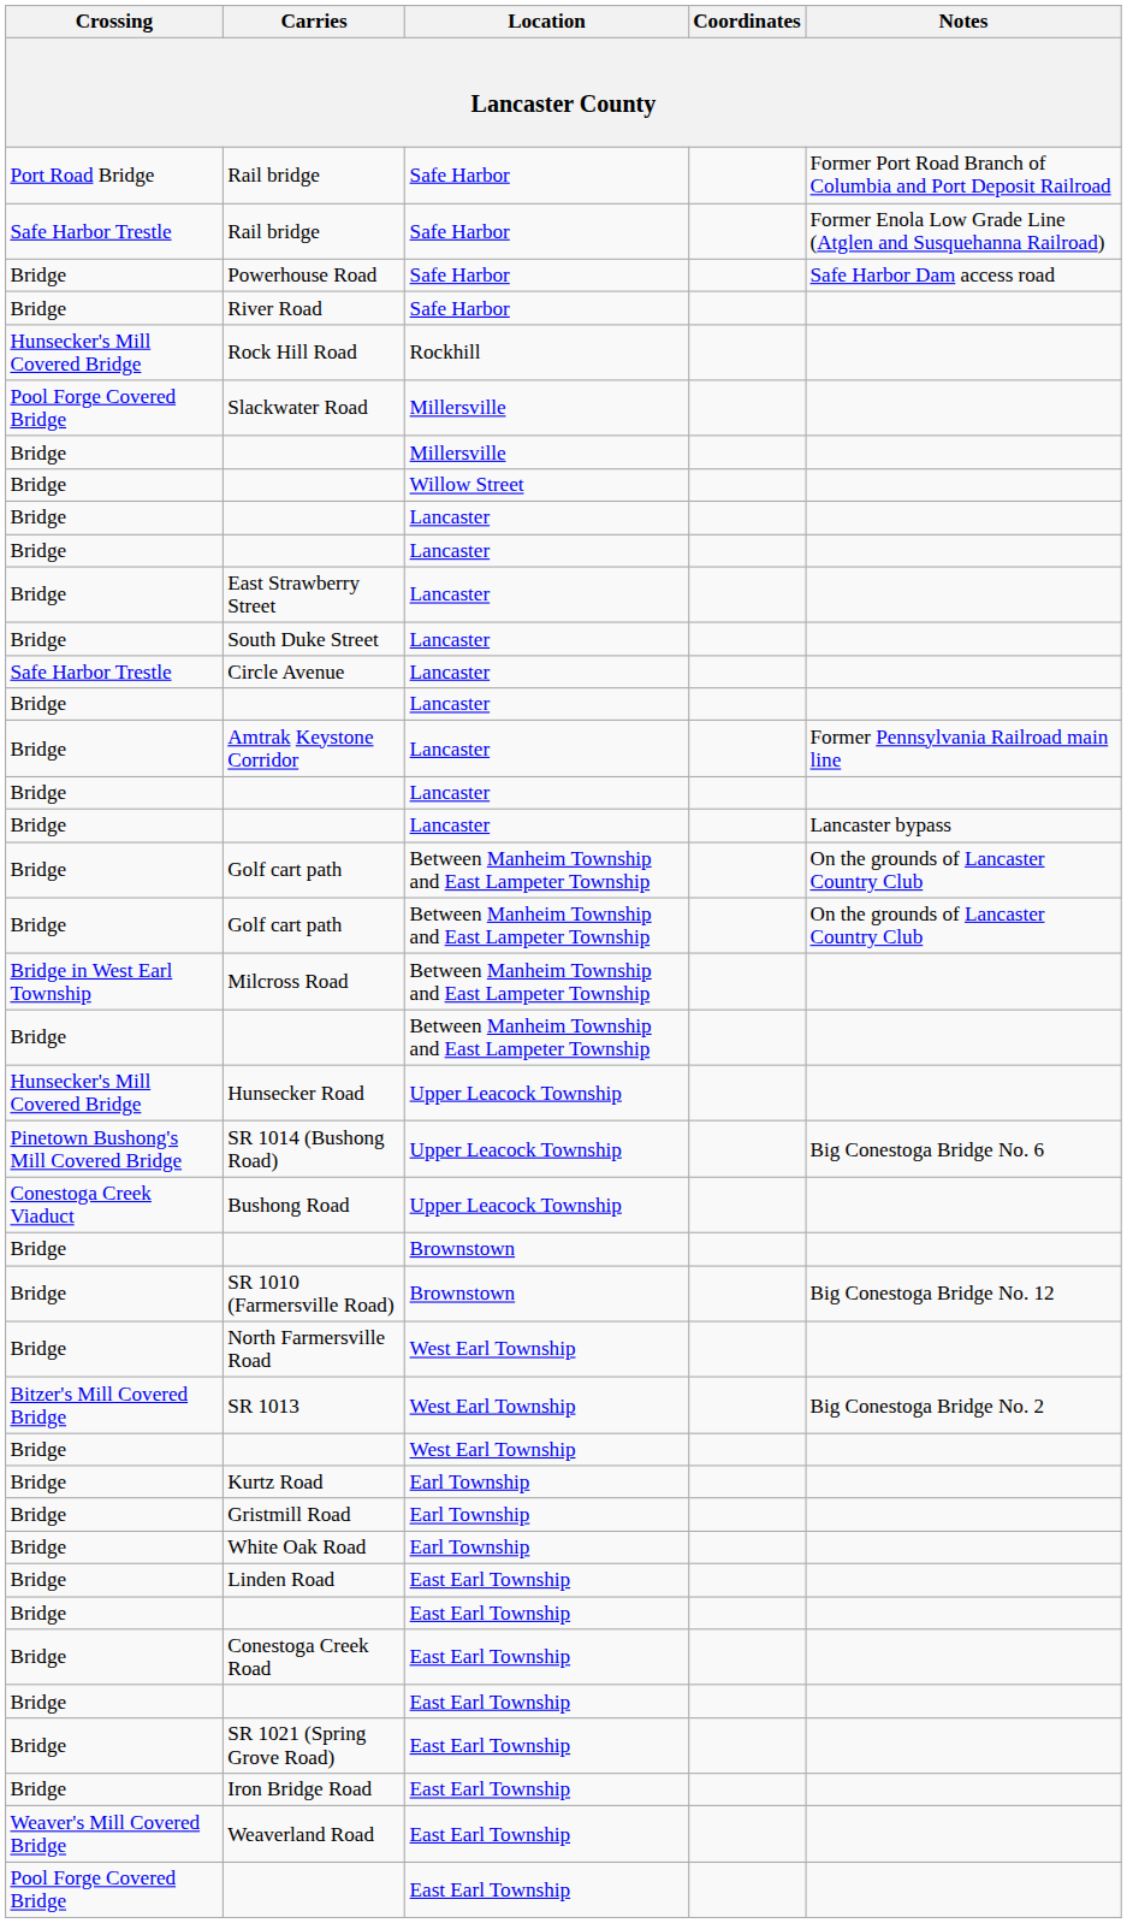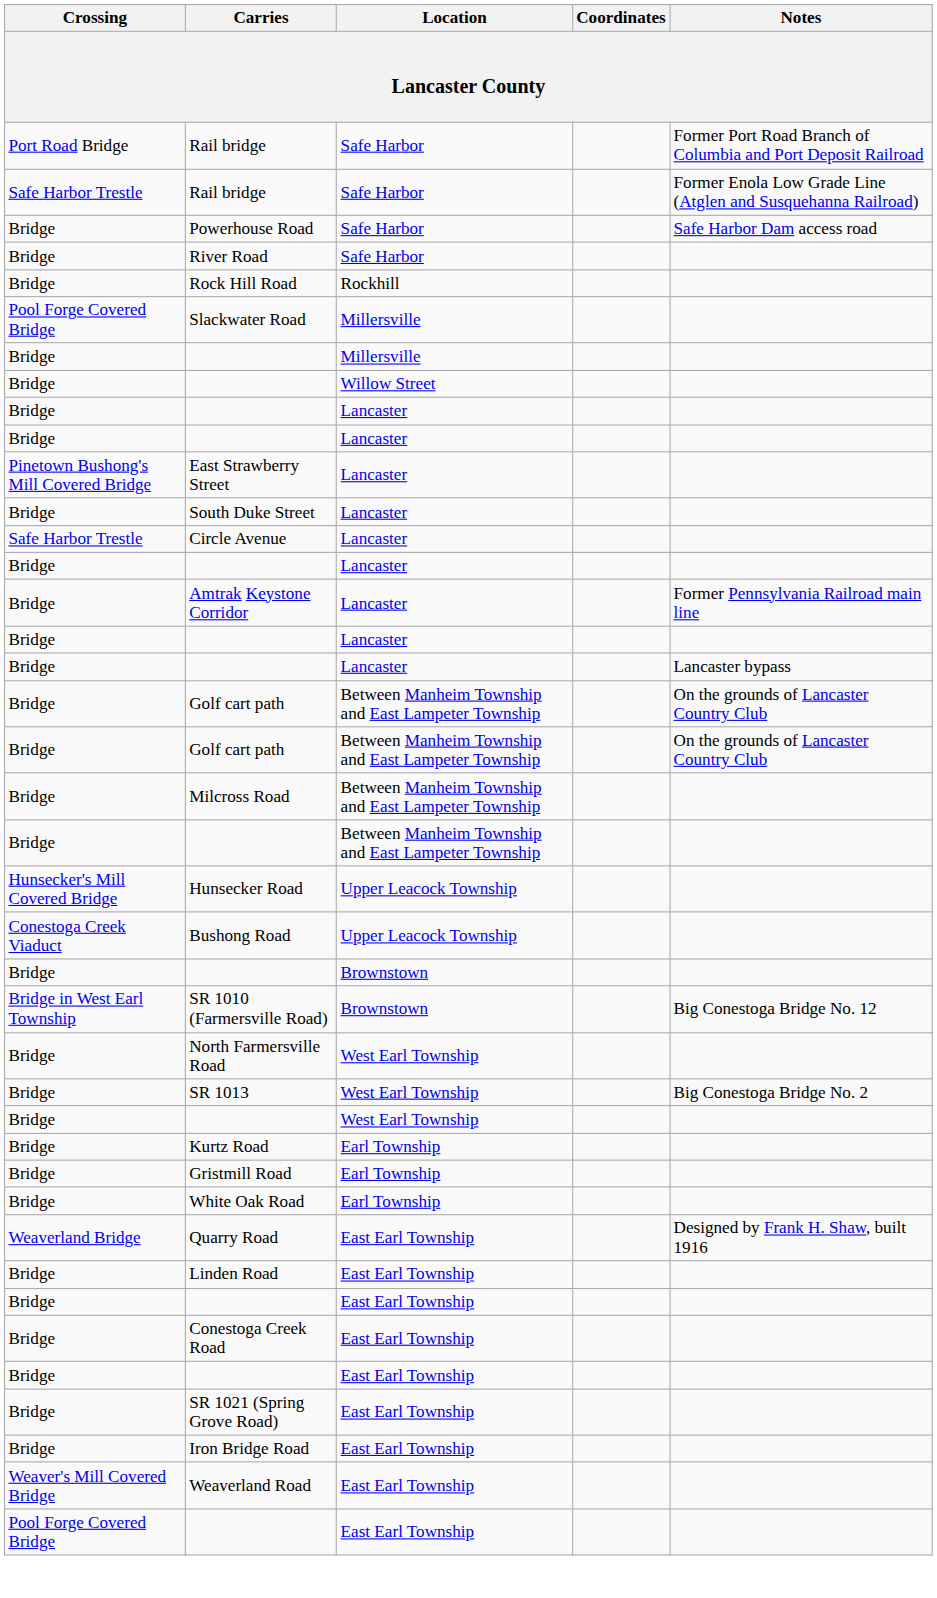 <table class=wikitable>
 <tr>
 <th>Crossing</th>
 <th>Carries</th>
 <th>Location</th>
 <th>Coordinates</th>
 <th>Notes</th>
 </tr>
 <tr>
 <th colspan=5><br><h3>Lancaster County</h3></th>
 </tr>
 <tr>
 <td><a href='#'>Port Road</a> Bridge</td>
 <td>Rail bridge</td>
 <td><a href='#'>Safe Harbor</a></td>
 <td></td>
 <td>Former Port Road Branch of <a href='#'>Columbia and Port Deposit Railroad</a></td>
 </tr>
 <tr>
 <td><a href='#'>Safe Harbor Trestle</a></td>
 <td>Rail bridge</td>
 <td><a href='#'>Safe Harbor</a></td>
 <td></td>
 <td>Former Enola Low Grade Line (<a href='#'>Atglen and Susquehanna Railroad</a>)</td>
 </tr>
 <tr>
 <td>Bridge</td>
 <td>Powerhouse Road</td>
 <td><a href='#'>Safe Harbor</a></td>
 <td></td>
 <td><a href='#'>Safe Harbor Dam</a> access road</td>
 </tr>
 <tr>
 <td>Bridge</td>
 <td>River Road</td>
 <td><a href='#'>Safe Harbor</a></td>
 <td></td>
 <td></td>
 </tr>
 <tr>
-<td><a href='#'>Hunsecker's Mill Covered Bridge</a></td>
+<td>Bridge</td>
 <td>Rock Hill Road</td>
 <td>Rockhill</td>
 <td></td>
 <td></td>
 </tr>
 <tr>
 <td><a href='#'>Pool Forge Covered Bridge</a></td>
 <td>Slackwater Road</td>
 <td><a href='#'>Millersville</a></td>
 <td></td>
 <td></td>
 </tr>
 <tr>
 <td>Bridge</td>
 <td></td>
 <td><a href='#'>Millersville</a></td>
 <td></td>
 <td></td>
 </tr>
 <tr>
 <td>Bridge</td>
 <td></td>
 <td><a href='#'>Willow Street</a></td>
 <td></td>
 <td></td>
 </tr>
 <tr>
 <td>Bridge</td>
 <td></td>
 <td><a href='#'>Lancaster</a></td>
 <td></td>
 <td></td>
 </tr>
 <tr>
 <td>Bridge</td>
 <td></td>
 <td><a href='#'>Lancaster</a></td>
 <td></td>
 <td></td>
 </tr>
 <tr>
-<td>Bridge</td>
+<td><a href='#'>Pinetown Bushong's Mill Covered Bridge</a></td>
 <td>East Strawberry Street</td>
 <td><a href='#'>Lancaster</a></td>
 <td></td>
 <td></td>
 </tr>
 <tr>
 <td>Bridge</td>
 <td>South Duke Street</td>
 <td><a href='#'>Lancaster</a></td>
 <td></td>
 <td></td>
 </tr>
 <tr>
 <td><a href='#'>Safe Harbor Trestle</a></td>
 <td>Circle Avenue</td>
 <td><a href='#'>Lancaster</a></td>
 <td></td>
 <td></td>
 </tr>
 <tr>
 <td>Bridge</td>
 <td></td>
 <td><a href='#'>Lancaster</a></td>
 <td></td>
 <td></td>
 </tr>
 <tr>
 <td>Bridge</td>
 <td><a href='#'>Amtrak</a> <a href='#'>Keystone Corridor</a></td>
 <td><a href='#'>Lancaster</a></td>
 <td></td>
 <td>Former <a href='#'>Pennsylvania Railroad main line</a></td>
 </tr>
 <tr>
 <td>Bridge</td>
 <td></td>
 <td><a href='#'>Lancaster</a></td>
 <td></td>
 <td></td>
 </tr>
 <tr>
 <td>Bridge</td>
 <td></td>
 <td><a href='#'>Lancaster</a></td>
 <td></td>
 <td>Lancaster bypass</td>
 </tr>
 <tr>
 <td>Bridge</td>
 <td>Golf cart path</td>
 <td>Between <a href='#'>Manheim Township</a> and <a href='#'>East Lampeter Township</a></td>
 <td></td>
 <td>On the grounds of <a href='#'>Lancaster Country Club</a></td>
 </tr>
 <tr>
 <td>Bridge</td>
 <td>Golf cart path</td>
 <td>Between <a href='#'>Manheim Township</a> and <a href='#'>East Lampeter Township</a></td>
 <td></td>
 <td>On the grounds of <a href='#'>Lancaster Country Club</a></td>
 </tr>
 <tr>
-<td><a href='#'>Bridge in West Earl Township</a></td>
+<td>Bridge</td>
 <td>Milcross Road</td>
 <td>Between <a href='#'>Manheim Township</a> and <a href='#'>East Lampeter Township</a></td>
 <td></td>
 <td></td>
 </tr>
 <tr>
 <td>Bridge</td>
 <td></td>
 <td>Between <a href='#'>Manheim Township</a> and <a href='#'>East Lampeter Township</a></td>
 <td></td>
 <td></td>
 </tr>
 <tr>
 <td><a href='#'>Hunsecker's Mill Covered Bridge</a></td>
 <td>Hunsecker Road</td>
 <td><a href='#'>Upper Leacock Township</a></td>
 <td></td>
 <td></td>
 </tr>
 <tr>
-<td><a href='#'>Pinetown Bushong's Mill Covered Bridge</a></td>
-<td>SR 1014 (Bushong Road)</td>
-<td><a href='#'>Upper Leacock Township</a></td>
-<td></td>
-<td>Big Conestoga Bridge No. 6</td>
-</tr>
-<tr>
 <td><a href='#'>Conestoga Creek Viaduct</a></td>
 <td>Bushong Road</td>
 <td><a href='#'>Upper Leacock Township</a></td>
 <td></td>
 <td></td>
 </tr>
 <tr>
 <td>Bridge</td>
 <td></td>
 <td><a href='#'>Brownstown</a></td>
 <td></td>
 <td></td>
 </tr>
 <tr>
-<td>Bridge</td>
+<td><a href='#'>Bridge in West Earl Township</a></td>
 <td>SR 1010 (Farmersville Road)</td>
 <td><a href='#'>Brownstown</a></td>
 <td></td>
 <td>Big Conestoga Bridge No. 12</td>
 </tr>
 <tr>
 <td>Bridge</td>
 <td>North Farmersville Road</td>
 <td><a href='#'>West Earl Township</a></td>
 <td></td>
 <td></td>
 </tr>
 <tr>
-<td><a href='#'>Bitzer's Mill Covered Bridge</a></td>
+<td>Bridge</td>
 <td>SR 1013</td>
 <td><a href='#'>West Earl Township</a></td>
 <td></td>
 <td>Big Conestoga Bridge No. 2</td>
 </tr>
 <tr>
 <td>Bridge</td>
 <td></td>
 <td><a href='#'>West Earl Township</a></td>
 <td></td>
 <td></td>
 </tr>
 <tr>
 <td>Bridge</td>
 <td>Kurtz Road</td>
 <td><a href='#'>Earl Township</a></td>
 <td></td>
 <td></td>
 </tr>
 <tr>
 <td>Bridge</td>
 <td>Gristmill Road</td>
 <td><a href='#'>Earl Township</a></td>
 <td></td>
 <td></td>
 </tr>
 <tr>
 <td>Bridge</td>
 <td>White Oak Road</td>
 <td><a href='#'>Earl Township</a></td>
 <td></td>
 <td></td>
+</tr>
+<tr>
+<td><a href='#'>Weaverland Bridge</a></td>
+<td>Quarry Road</td>
+<td><a href='#'>East Earl Township</a></td>
+<td></td>
+<td>Designed by <a href='#'>Frank H. Shaw</a>, built 1916</td>
 </tr>
 <tr>
 <td>Bridge</td>
 <td>Linden Road</td>
 <td><a href='#'>East Earl Township</a></td>
 <td></td>
 <td></td>
 </tr>
 <tr>
 <td>Bridge</td>
 <td></td>
 <td><a href='#'>East Earl Township</a></td>
 <td></td>
 <td></td>
 </tr>
 <tr>
 <td>Bridge</td>
 <td>Conestoga Creek Road</td>
 <td><a href='#'>East Earl Township</a></td>
 <td></td>
 <td></td>
 </tr>
 <tr>
 <td>Bridge</td>
 <td></td>
 <td><a href='#'>East Earl Township</a></td>
 <td></td>
 <td></td>
 </tr>
 <tr>
 <td>Bridge</td>
 <td>SR 1021 (Spring Grove Road)</td>
 <td><a href='#'>East Earl Township</a></td>
 <td></td>
 <td></td>
 </tr>
 <tr>
 <td>Bridge</td>
 <td>Iron Bridge Road</td>
 <td><a href='#'>East Earl Township</a></td>
 <td></td>
 <td></td>
 </tr>
 <tr>
 <td><a href='#'>Weaver's Mill Covered Bridge</a></td>
 <td>Weaverland Road</td>
 <td><a href='#'>East Earl Township</a></td>
 <td></td>
 <td></td>
 </tr>
 <tr>
 <td><a href='#'>Pool Forge Covered Bridge</a></td>
 <td></td>
 <td><a href='#'>East Earl Township</a></td>
 <td></td>
 <td></td>
 </tr>
 </table>
